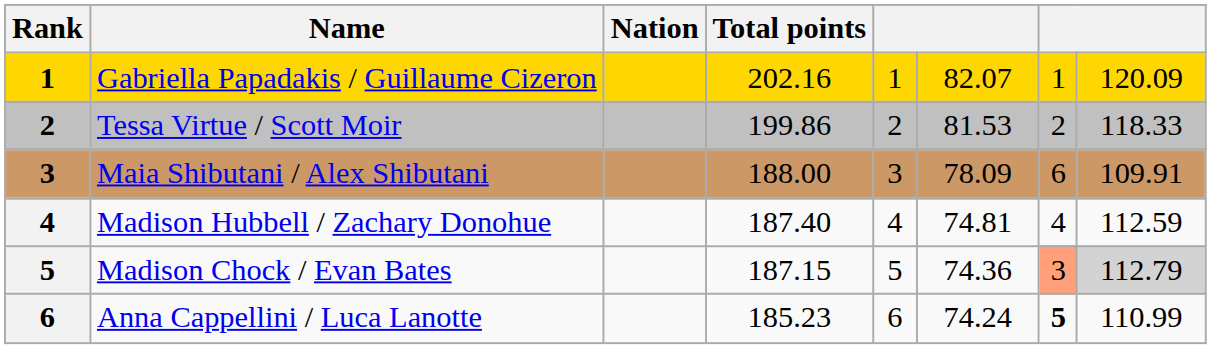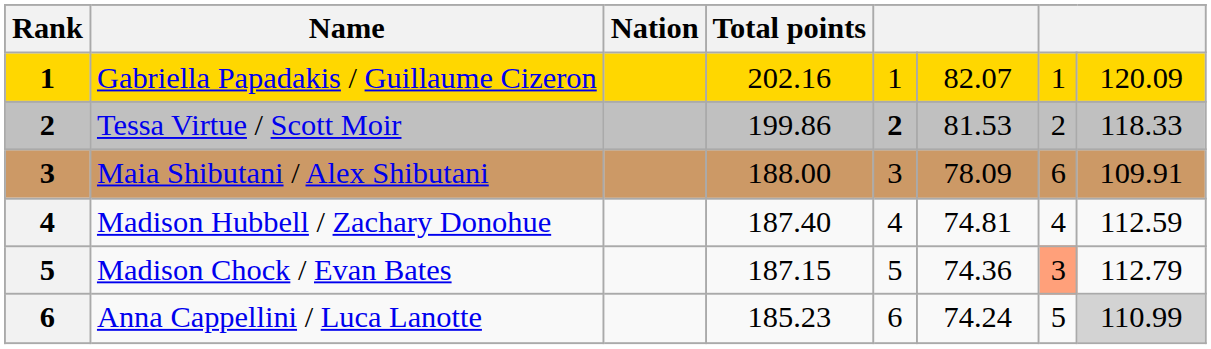 <table class="wikitable sortable">
 <tr>
 <th>Rank</th>
 <th>Name</th>
 <th>Nation</th>
 <th>Total points</th>
 <th colspan="2" width="80px"></th>
 <th colspan="2" width="80px"></th>
 </tr>
 <tr bgcolor="gold">
 <td align="center"><strong>1</strong></td>
 <td><a href='#'>Gabriella Papadakis</a> / <a href='#'>Guillaume Cizeron</a></td>
 <td></td>
 <td align="center">202.16</td>
 <td align="center">1</td>
 <td align="center">82.07</td>
 <td align="center">1</td>
 <td align="center">120.09</td>
 </tr>
 <tr bgcolor="silver">
 <td align="center"><strong>2</strong></td>
 <td><a href='#'>Tessa Virtue</a> / <a href='#'>Scott Moir</a></td>
 <td></td>
 <td align="center">199.86</td>
-<td align="center">2</td>
+<td align="center"><strong>2</strong></td>
 <td align="center">81.53</td>
 <td align="center">2</td>
 <td align="center">118.33</td>
 </tr>
 <tr bgcolor="cc9966">
 <td align="center"><strong>3</strong></td>
 <td><a href='#'>Maia Shibutani</a> / <a href='#'>Alex Shibutani</a></td>
 <td></td>
 <td align="center">188.00</td>
 <td align="center">3</td>
 <td align="center">78.09</td>
 <td align="center">6</td>
 <td align="center">109.91</td>
 </tr>
 <tr>
 <th>4</th>
 <td><a href='#'>Madison Hubbell</a> / <a href='#'>Zachary Donohue</a></td>
 <td></td>
 <td align="center">187.40</td>
 <td align="center">4</td>
 <td align="center">74.81</td>
 <td align="center">4</td>
 <td align="center">112.59</td>
 </tr>
 <tr>
 <th>5</th>
 <td><a href='#'>Madison Chock</a> / <a href='#'>Evan Bates</a></td>
 <td></td>
 <td align="center">187.15</td>
 <td align="center">5</td>
 <td align="center">74.36</td>
 <td align="center" style="background: lightsalmon;">3</td>
-<td align="center" style="background: lightgrey;">112.79</td>
+<td align="center">112.79</td>
 </tr>
 <tr>
 <th>6</th>
 <td><a href='#'>Anna Cappellini</a> / <a href='#'>Luca Lanotte</a></td>
 <td></td>
 <td align="center">185.23</td>
 <td align="center">6</td>
 <td align="center">74.24</td>
-<td align="center"><strong>5</strong></td>
-<td align="center">110.99</td>
+<td align="center">5</td>
+<td align="center" style="background: lightgrey;">110.99</td>
 </tr>
 </table>
